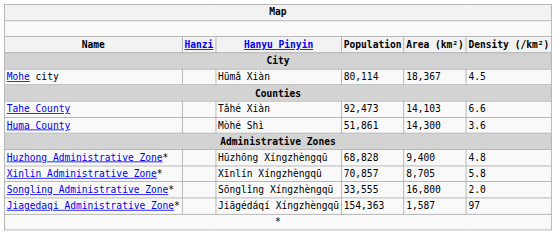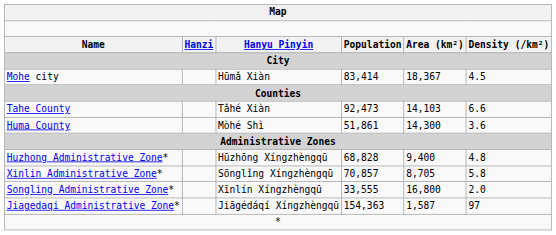 <table class="wikitable"  style="font-size:90%;" align=center>
 <tr>
 <th colspan="6">Map</th>
 </tr>
 <tr>
 <td colspan="6" align="center"><div><br>           </div></td>
 </tr>
 <tr>
 <th>Name</th>
 <th><a href='#'>Hanzi</a></th>
 <th><a href='#'>Hanyu Pinyin</a></th>
 <th>Population </th>
 <th>Area (km²)</th>
 <th>Density (/km²)</th>
 </tr>
 <tr>
 <td colspan="7" align="center" bgcolor="#D3D3D3"><strong>City</strong></td>
 </tr>
 <tr>
 <td><a href='#'>Mohe</a> city</td>
 <td></td>
 <td>Hūmǎ Xiàn</td>
-<td>80,114</td>
+<td>83,414</td>
 <td>18,367</td>
 <td>4.5</td>
 </tr>
 <tr>
 <td colspan="7" align="center" bgcolor="#D3D3D3"><strong>Counties</strong></td>
 </tr>
 <tr>
 <td><a href='#'>Tahe County</a></td>
 <td></td>
 <td>Tǎhé Xiàn</td>
 <td>92,473</td>
 <td>14,103</td>
 <td>6.6</td>
 </tr>
 <tr>
 <td><a href='#'>Huma County</a></td>
 <td></td>
 <td>Mòhé Shì</td>
 <td>51,861</td>
 <td>14,300</td>
 <td>3.6</td>
 </tr>
 <tr>
 <td colspan="7" align="center" bgcolor="#D3D3D3"><strong>Administrative Zones</strong></td>
 </tr>
 <tr>
 <td><a href='#'>Huzhong Administrative Zone</a>*</td>
 <td></td>
 <td>Hūzhōng Xíngzhèngqū</td>
 <td>68,828</td>
 <td>9,400</td>
 <td>4.8</td>
 </tr>
 <tr>
 <td><a href='#'>Xinlin Administrative Zone</a>*</td>
 <td></td>
-<td>Xīnlín Xíngzhèngqū</td>
+<td>Sōnglǐng Xíngzhèngqū</td>
 <td>70,857</td>
 <td>8,705</td>
 <td>5.8</td>
 </tr>
 <tr>
 <td><a href='#'>Songling Administrative Zone</a>*</td>
 <td></td>
-<td>Sōnglǐng Xíngzhèngqū</td>
+<td>Xīnlín Xíngzhèngqū</td>
 <td>33,555</td>
 <td>16,800</td>
 <td>2.0</td>
 </tr>
 <tr>
 <td><a href='#'>Jiagedaqi Administrative Zone</a>*</td>
 <td></td>
 <td>Jiāgédáqí Xíngzhèngqū</td>
 <td>154,363</td>
 <td>1,587</td>
 <td>97</td>
 </tr>
 <tr>
 <td colspan="8" align="center">*</td>
 </tr>
 </table>
